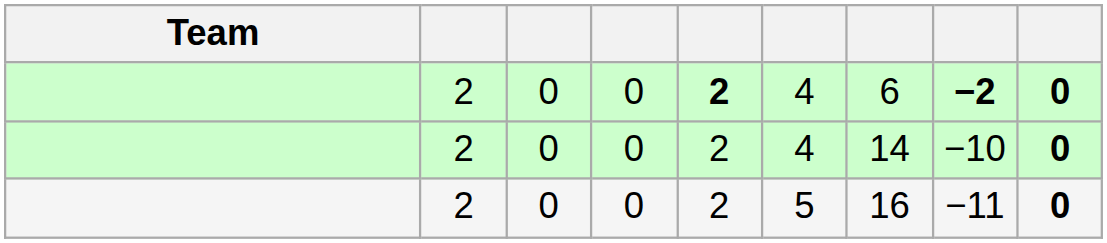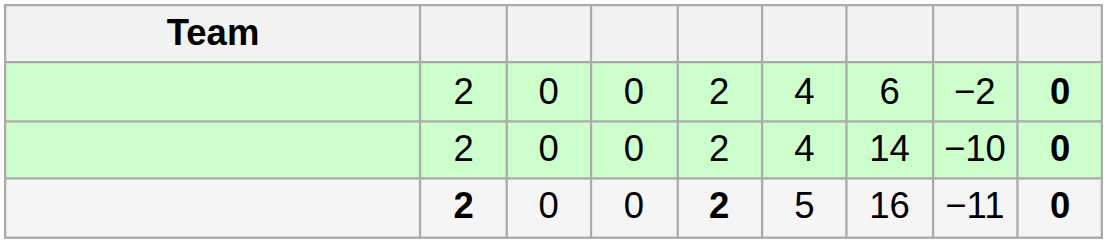 <table class="wikitable" style="text-align:center;">
 <tr>
 <th width=175>Team</th>
 <th width=30></th>
 <th width=30></th>
 <th width=30></th>
 <th width=30></th>
 <th width=30></th>
 <th width=30></th>
 <th width=30></th>
 <th width=30></th>
 </tr>
 <tr align=center style="background:#ccffcc;">
 <td style="text-align:left;"></td>
 <td>2</td>
 <td>0</td>
 <td>0</td>
-<td><strong>2</strong></td>
+<td>2</td>
 <td>4</td>
 <td>6</td>
-<td><strong>−2</strong></td>
+<td>−2</td>
 <td><strong>0</strong></td>
 </tr>
 <tr align=center style="background:#ccffcc;">
 <td style="text-align:left;"></td>
 <td>2</td>
 <td>0</td>
 <td>0</td>
 <td>2</td>
 <td>4</td>
 <td>14</td>
 <td>−10</td>
 <td><strong>0</strong></td>
 </tr>
 <tr align=center style="background:#f5f5f5;">
 <td style="text-align:left;"></td>
-<td>2</td>
+<td><strong>2</strong></td>
 <td>0</td>
 <td>0</td>
-<td>2</td>
+<td><strong>2</strong></td>
 <td>5</td>
 <td>16</td>
 <td>−11</td>
 <td><strong>0</strong></td>
 </tr>
 </table>
